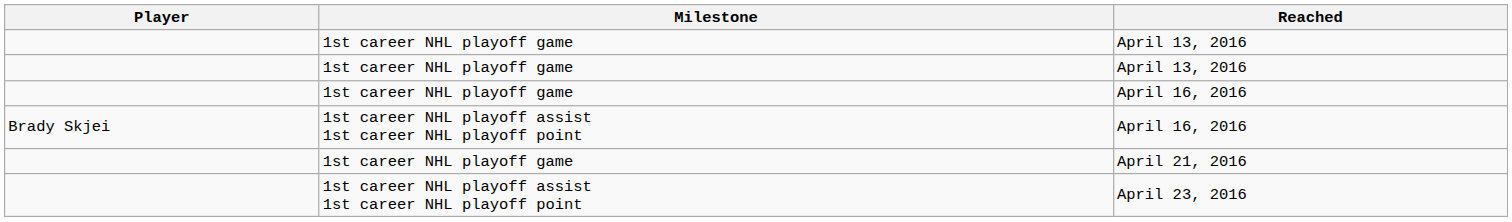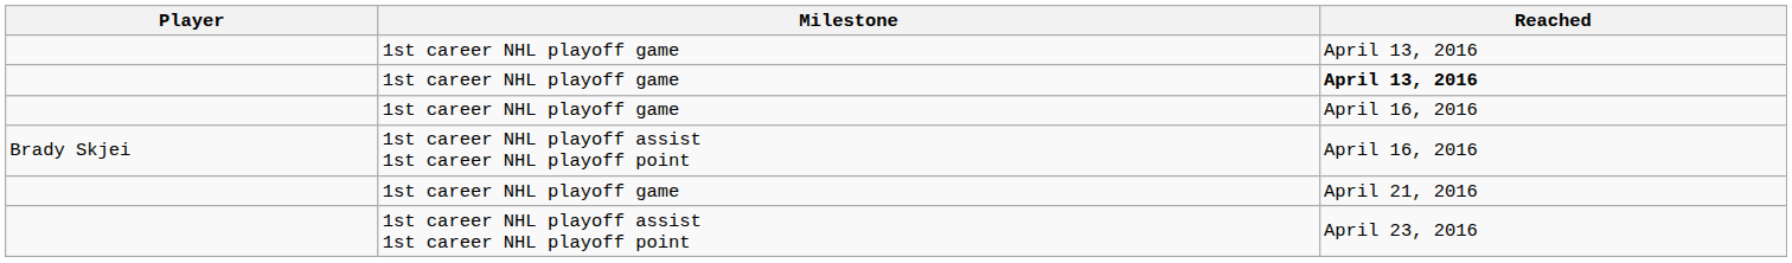 <table class="wikitable sortable" style="width:100%;">
 <tr align=center>
 <th>Player</th>
 <th>Milestone</th>
 <th>Reached</th>
 </tr>
 <tr>
 <td></td>
 <td>1st career NHL playoff game</td>
 <td>April 13, 2016</td>
 </tr>
 <tr>
 <td></td>
 <td>1st career NHL playoff game</td>
-<td>April 13, 2016</td>
+<td><strong>April 13, 2016</strong></td>
 </tr>
 <tr>
 <td></td>
 <td>1st career NHL playoff game</td>
 <td>April 16, 2016</td>
 </tr>
 <tr>
 <td>Brady Skjei</td>
 <td>1st career NHL playoff assist<br>1st career NHL playoff point</td>
 <td>April 16, 2016</td>
 </tr>
 <tr>
 <td></td>
 <td>1st career NHL playoff game</td>
 <td>April 21, 2016</td>
 </tr>
 <tr>
 <td></td>
 <td>1st career NHL playoff assist<br>1st career NHL playoff point</td>
 <td>April 23, 2016</td>
 </tr>
 </table>
